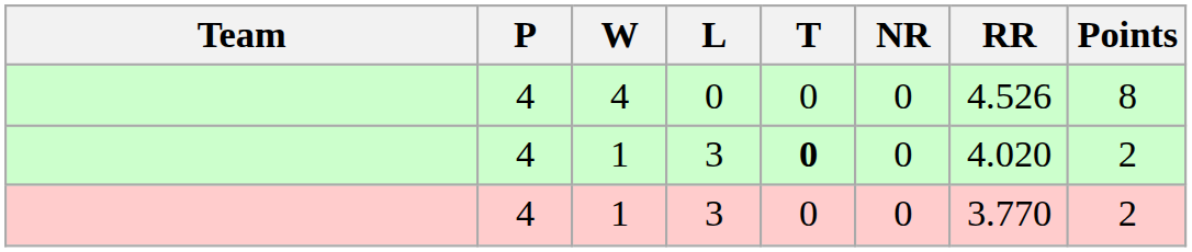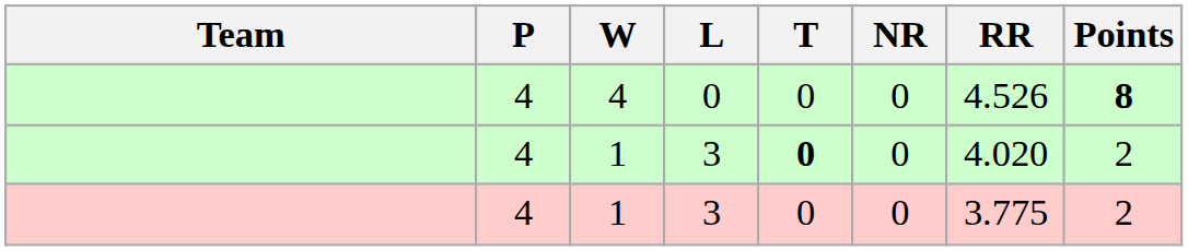 <table class="wikitable" style="text-align: center;">
 <tr>
 <th style="width:40%;">Team</th>
 <th style="width:8%;">P</th>
 <th style="width:8%;">W</th>
 <th style="width:8%;">L</th>
 <th style="width:8%;">T</th>
 <th style="width:8%;">NR</th>
 <th style="width:10%;">RR</th>
 <th style="width:10%;">Points</th>
 </tr>
 <tr style="background:#cfc;">
 <td align=left></td>
 <td>4</td>
 <td>4</td>
 <td>0</td>
 <td>0</td>
 <td>0</td>
 <td>4.526</td>
-<td>8</td>
+<td><strong>8</strong></td>
 </tr>
 <tr style="background:#cfc;">
 <td align=left></td>
 <td>4</td>
 <td>1</td>
 <td>3</td>
 <td><strong>0</strong></td>
 <td>0</td>
 <td>4.020</td>
 <td>2</td>
 </tr>
 <tr style="background:#fcc;">
 <td align=left></td>
 <td>4</td>
 <td>1</td>
 <td>3</td>
 <td>0</td>
 <td>0</td>
-<td>3.770</td>
+<td>3.775</td>
 <td>2</td>
 </tr>
 </table>
